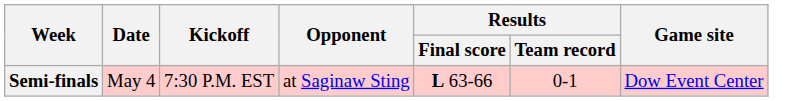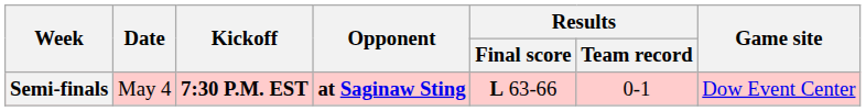 <table class="wikitable" align="center" style="font-size: 92%">
 <tr>
 <th rowspan="2">Week</th>
 <th rowspan="2">Date</th>
 <th rowspan="2">Kickoff</th>
 <th rowspan="2">Opponent</th>
 <th colspan="2">Results</th>
 <th rowspan="2">Game site</th>
 </tr>
 <tr>
 <th>Final score</th>
 <th>Team record</th>
 </tr>
 <tr style="background:#fcc">
 <th>Semi-finals</th>
 <td style="text-align:center;">May 4</td>
-<td style="text-align:center;">7:30 P.M. EST</td>
-<td style="text-align:center;">at <a href='#'>Saginaw Sting</a></td>
+<td style="text-align:center;"><strong>7:30 P.M. EST</strong></td>
+<td style="text-align:center;"><strong>at <a href='#'>Saginaw Sting</a></strong></td>
 <td style="text-align:center;"><strong>L</strong> 63-66</td>
 <td style="text-align:center;">0-1</td>
 <td style="text-align:center;"><a href='#'>Dow Event Center</a></td>
 </tr>
 </table>
